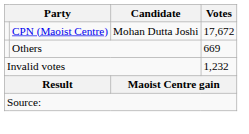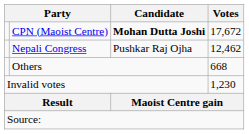 <table class="wikitable">
 <tr>
 <th colspan="2">Party</th>
 <th>Candidate</th>
 <th>Votes</th>
 </tr>
 <tr>
 <td style="background-color:"></td>
 <td><a href='#'>CPN (Maoist Centre)</a></td>
-<td>Mohan Dutta Joshi</td>
+<td><strong>Mohan Dutta Joshi</strong></td>
 <td>17,672</td>
+</tr>
+<tr>
+<td style="background-color:"></td>
+<td><a href='#'>Nepali Congress</a></td>
+<td>Pushkar Raj Ojha</td>
+<td>12,462</td>
 </tr>
 <tr>
 <td></td>
 <td colspan="2">Others</td>
-<td>669</td>
+<td>668</td>
 </tr>
 <tr>
 <td colspan="3">Invalid votes</td>
-<td>1,232</td>
+<td>1,230</td>
 </tr>
 <tr>
 <th colspan="2">Result</th>
 <th colspan="2">Maoist Centre gain</th>
 </tr>
 <tr>
 <td colspan="4">Source: </td>
 </tr>
 </table>
